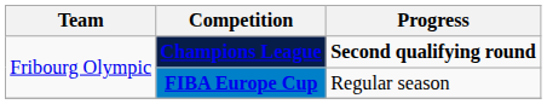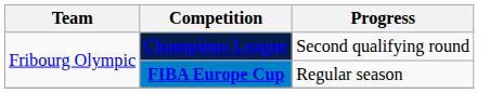 <table class="wikitable sortable">
 <tr>
 <th>Team</th>
 <th>Competition</th>
 <th>Progress</th>
 </tr>
 <tr>
 <td rowspan=2><a href='#'>Fribourg Olympic</a></td>
 <td rowspan="1" style="background-color:#071D49;color:#D0D3D4;text-align:center"><strong><a href='#'><span>Champions League</span></a></strong></td>
-<td><strong>Second qualifying round</strong></td>
+<td>Second qualifying round</td>
 </tr>
 <tr>
 <td style="background-color:#0080C8;color:white;text-align:center"><strong><a href='#'><span>FIBA Europe Cup</span></a></strong></td>
 <td>Regular season</td>
 </tr>
 <tr>
 </tr>
 </table>
